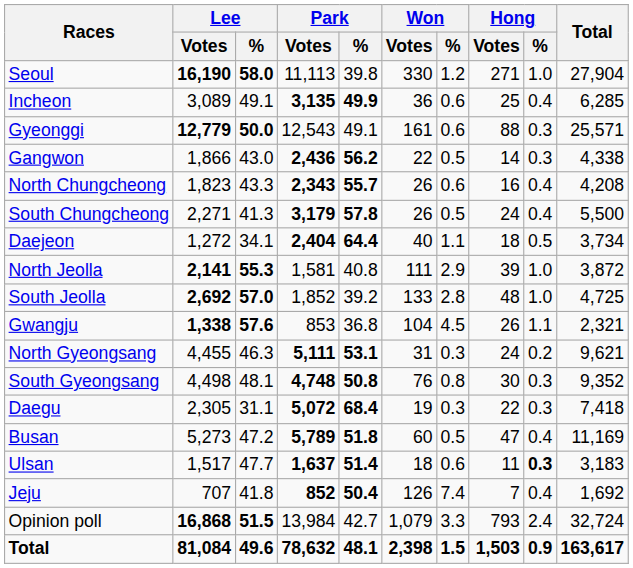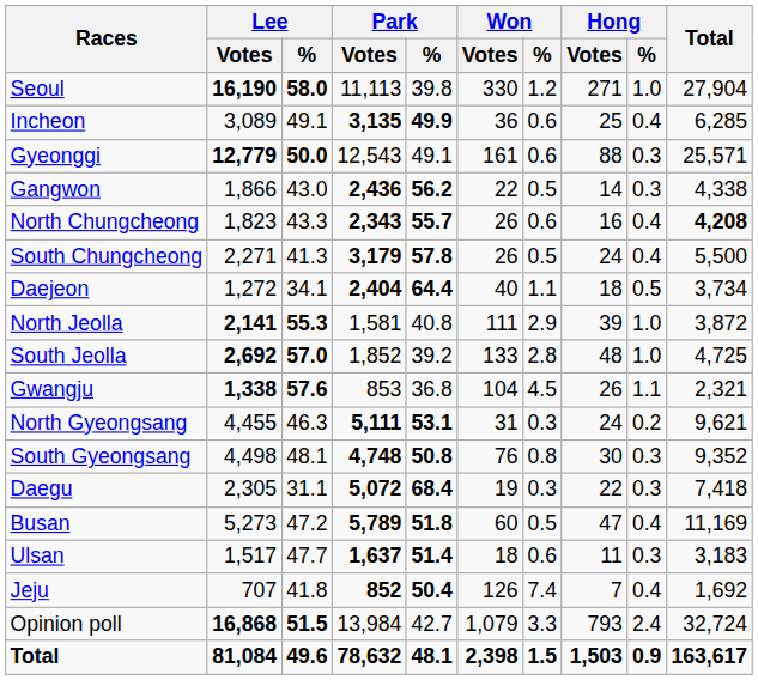 <table class=wikitable style=text-align:right>
 <tr>
 <th rowspan=2>Races</th>
 <th colspan=2><a href='#'>Lee</a></th>
 <th colspan=2><a href='#'>Park</a></th>
 <th colspan=2><a href='#'>Won</a></th>
 <th colspan=2><a href='#'>Hong</a></th>
 <th rowspan=2>Total</th>
 </tr>
 <tr>
 <th>Votes</th>
 <th>%</th>
 <th>Votes</th>
 <th>%</th>
 <th>Votes</th>
 <th>%</th>
 <th>Votes</th>
 <th>%</th>
 </tr>
 <tr>
 <td align=left><a href='#'>Seoul</a></td>
 <td><strong>16,190</strong></td>
 <td><strong>58.0</strong></td>
 <td>11,113</td>
 <td>39.8</td>
 <td>330</td>
 <td>1.2</td>
 <td>271</td>
 <td>1.0</td>
 <td>27,904</td>
 </tr>
 <tr>
 <td align=left><a href='#'>Incheon</a></td>
 <td>3,089</td>
 <td>49.1</td>
 <td><strong>3,135</strong></td>
 <td><strong>49.9</strong></td>
 <td>36</td>
 <td>0.6</td>
 <td>25</td>
 <td>0.4</td>
 <td>6,285</td>
 </tr>
 <tr>
 <td align=left><a href='#'>Gyeonggi</a></td>
 <td><strong>12,779</strong></td>
 <td><strong>50.0</strong></td>
 <td>12,543</td>
 <td>49.1</td>
 <td>161</td>
 <td>0.6</td>
 <td>88</td>
 <td>0.3</td>
 <td>25,571</td>
 </tr>
 <tr>
 <td align=left><a href='#'>Gangwon</a></td>
 <td>1,866</td>
 <td>43.0</td>
 <td><strong>2,436</strong></td>
 <td><strong>56.2</strong></td>
 <td>22</td>
 <td>0.5</td>
 <td>14</td>
 <td>0.3</td>
 <td>4,338</td>
 </tr>
 <tr>
 <td align=left><a href='#'>North Chungcheong</a></td>
 <td>1,823</td>
 <td>43.3</td>
 <td><strong>2,343</strong></td>
 <td><strong>55.7</strong></td>
 <td>26</td>
 <td>0.6</td>
 <td>16</td>
 <td>0.4</td>
-<td>4,208</td>
+<td><strong>4,208</strong></td>
 </tr>
 <tr>
 <td align=left><a href='#'>South Chungcheong</a></td>
 <td>2,271</td>
 <td>41.3</td>
 <td><strong>3,179</strong></td>
 <td><strong>57.8</strong></td>
 <td>26</td>
 <td>0.5</td>
 <td>24</td>
 <td>0.4</td>
 <td>5,500</td>
 </tr>
 <tr>
 <td align=left><a href='#'>Daejeon</a></td>
 <td>1,272</td>
 <td>34.1</td>
 <td><strong>2,404</strong></td>
 <td><strong>64.4</strong></td>
 <td>40</td>
 <td>1.1</td>
 <td>18</td>
 <td>0.5</td>
 <td>3,734</td>
 </tr>
 <tr>
 <td align=left><a href='#'>North Jeolla</a></td>
 <td><strong>2,141</strong></td>
 <td><strong>55.3</strong></td>
 <td>1,581</td>
 <td>40.8</td>
 <td>111</td>
 <td>2.9</td>
 <td>39</td>
 <td>1.0</td>
 <td>3,872</td>
 </tr>
 <tr>
 <td align=left><a href='#'>South Jeolla</a></td>
 <td><strong>2,692</strong></td>
 <td><strong>57.0</strong></td>
 <td>1,852</td>
 <td>39.2</td>
 <td>133</td>
 <td>2.8</td>
 <td>48</td>
 <td>1.0</td>
 <td>4,725</td>
 </tr>
 <tr>
 <td align=left><a href='#'>Gwangju</a></td>
 <td><strong>1,338</strong></td>
 <td><strong>57.6</strong></td>
 <td>853</td>
 <td>36.8</td>
 <td>104</td>
 <td>4.5</td>
 <td>26</td>
 <td>1.1</td>
 <td>2,321</td>
 </tr>
 <tr>
 <td align=left><a href='#'>North Gyeongsang</a></td>
 <td>4,455</td>
 <td>46.3</td>
 <td><strong>5,111</strong></td>
 <td><strong>53.1</strong></td>
 <td>31</td>
 <td>0.3</td>
 <td>24</td>
 <td>0.2</td>
 <td>9,621</td>
 </tr>
 <tr>
 <td align=left><a href='#'>South Gyeongsang</a></td>
 <td>4,498</td>
 <td>48.1</td>
 <td><strong>4,748</strong></td>
 <td><strong>50.8</strong></td>
 <td>76</td>
 <td>0.8</td>
 <td>30</td>
 <td>0.3</td>
 <td>9,352</td>
 </tr>
 <tr>
 <td align=left><a href='#'>Daegu</a></td>
 <td>2,305</td>
 <td>31.1</td>
 <td><strong>5,072</strong></td>
 <td><strong>68.4</strong></td>
 <td>19</td>
 <td>0.3</td>
 <td>22</td>
 <td>0.3</td>
 <td>7,418</td>
 </tr>
 <tr>
 <td align=left><a href='#'>Busan</a></td>
 <td>5,273</td>
 <td>47.2</td>
 <td><strong>5,789</strong></td>
 <td><strong>51.8</strong></td>
 <td>60</td>
 <td>0.5</td>
 <td>47</td>
 <td>0.4</td>
 <td>11,169</td>
 </tr>
 <tr>
 <td align=left><a href='#'>Ulsan</a></td>
 <td>1,517</td>
 <td>47.7</td>
 <td><strong>1,637</strong></td>
 <td><strong>51.4</strong></td>
 <td>18</td>
 <td>0.6</td>
 <td>11</td>
-<td><strong>0.3</strong></td>
+<td>0.3</td>
 <td>3,183</td>
 </tr>
 <tr>
 <td align=left><a href='#'>Jeju</a></td>
 <td>707</td>
 <td>41.8</td>
 <td><strong>852</strong></td>
 <td><strong>50.4</strong></td>
 <td>126</td>
 <td>7.4</td>
 <td>7</td>
 <td>0.4</td>
 <td>1,692</td>
 </tr>
 <tr>
 <td align=left>Opinion poll</td>
 <td><strong>16,868</strong></td>
 <td><strong>51.5</strong></td>
 <td>13,984</td>
 <td>42.7</td>
 <td>1,079</td>
 <td>3.3</td>
 <td>793</td>
 <td>2.4</td>
 <td>32,724</td>
 </tr>
 <tr>
 <td align=left><strong>Total</strong></td>
 <td><strong>81,084</strong></td>
 <td><strong>49.6</strong></td>
 <td><strong>78,632</strong></td>
 <td><strong>48.1</strong></td>
 <td><strong>2,398</strong></td>
 <td><strong>1.5</strong></td>
 <td><strong>1,503</strong></td>
 <td><strong>0.9</strong></td>
 <td><strong>163,617</strong></td>
 </tr>
 </table>
